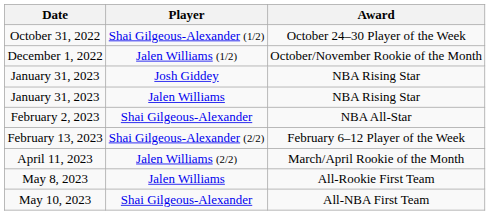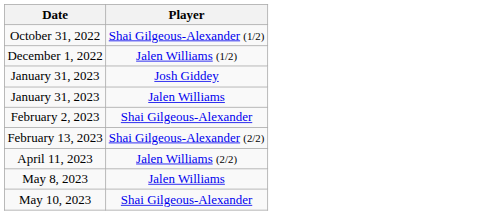 <table class="wikitable" style="text-align: center">
 <tr>
 <th>Date</th>
 <th>Player</th>
-<th>Award</th>
 </tr>
 <tr style="text-align: center">
 <td>October 31, 2022</td>
 <td><a href='#'>Shai Gilgeous-Alexander</a> <small>(1/2)</small></td>
-<td>October 24–30 Player of the Week</td>
 </tr>
 <tr style="text-align: center">
 <td>December 1, 2022</td>
 <td><a href='#'>Jalen Williams</a> <small>(1/2)</small></td>
-<td>October/November Rookie of the Month</td>
 </tr>
 <tr style="text-align: center">
 <td>January 31, 2023</td>
 <td><a href='#'>Josh Giddey</a></td>
-<td>NBA Rising Star</td>
 </tr>
 <tr style="text-align: center">
 <td>January 31, 2023</td>
 <td><a href='#'>Jalen Williams</a></td>
-<td>NBA Rising Star</td>
 </tr>
 <tr style="text-align: center">
 <td>February 2, 2023</td>
 <td><a href='#'>Shai Gilgeous-Alexander</a></td>
-<td>NBA All-Star</td>
 </tr>
 <tr style="text-align: center">
 <td>February 13, 2023</td>
 <td><a href='#'>Shai Gilgeous-Alexander</a> <small>(2/2)</small></td>
-<td>February 6–12 Player of the Week</td>
 </tr>
 <tr style="text-align: center">
 <td>April 11, 2023</td>
 <td><a href='#'>Jalen Williams</a> <small>(2/2)</small></td>
-<td>March/April Rookie of the Month</td>
 </tr>
 <tr style="text-align: center">
 <td>May 8, 2023</td>
 <td><a href='#'>Jalen Williams</a></td>
-<td>All-Rookie First Team</td>
 </tr>
 <tr style="text-align: center">
 <td>May 10, 2023</td>
 <td><a href='#'>Shai Gilgeous-Alexander</a></td>
-<td>All-NBA First Team</td>
 </tr>
 </table>
